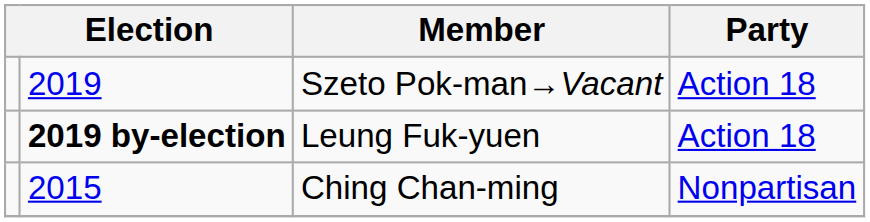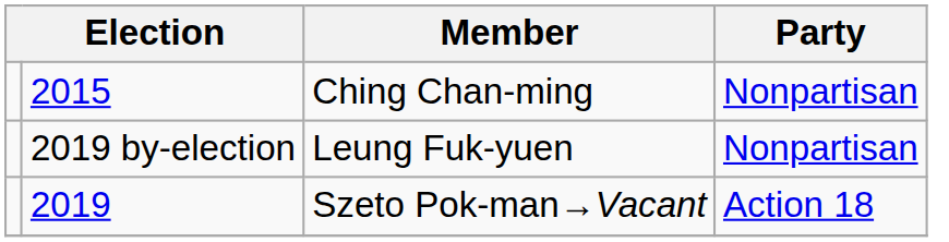 <table class="wikitable">
 <tr>
 <th colspan="2">Election</th>
 <th>Member</th>
 <th>Party</th>
 </tr>
 <tr>
 <td style="background-color: "></td>
+<td><a href='#'>2015</a></td>
+<td>Ching Chan-ming</td>
+<td><a href='#'>Nonpartisan</a></td>
+</tr>
+<tr>
+<td style="background-color: "></td>
+<td>2019 by-election</td>
+<td>Leung Fuk-yuen</td>
+<td><a href='#'>Nonpartisan</a></td>
+</tr>
+<tr>
+<td style="background-color: "></td>
 <td><a href='#'>2019</a></td>
 <td>Szeto Pok-man→<em>Vacant</em></td>
 <td><a href='#'>Action 18</a></td>
 </tr>
 <tr>
-<td style="background-color: "></td>
-<td><strong>2019 by-election</strong></td>
-<td>Leung Fuk-yuen</td>
-<td><a href='#'>Action 18</a></td>
-</tr>
-<tr>
-<td style="background-color: "></td>
-<td><a href='#'>2015</a></td>
-<td>Ching Chan-ming</td>
-<td><a href='#'>Nonpartisan</a></td>
-</tr>
-<tr>
 </tr>
 </table>
